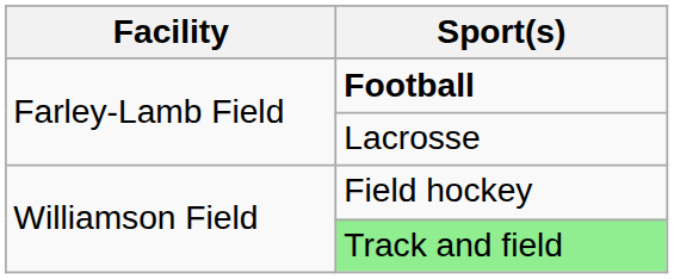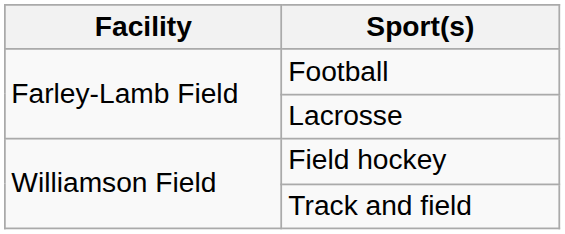 <table class="wikitable"; style= "text-align: ">
 <tr>
 <th width=150px>Facility</th>
 <th width=150px>Sport(s)</th>
 </tr>
 <tr>
 <td rowspan=2>Farley-Lamb Field</td>
-<td><strong>Football</strong></td>
+<td>Football</td>
 </tr>
 <tr>
 <td>Lacrosse</td>
 </tr>
 <tr>
 <td rowspan=2>Williamson Field</td>
 <td>Field hockey</td>
 </tr>
 <tr>
-<td style="background: lightgreen;">Track and field </td>
+<td>Track and field </td>
 </tr>
 </table>
